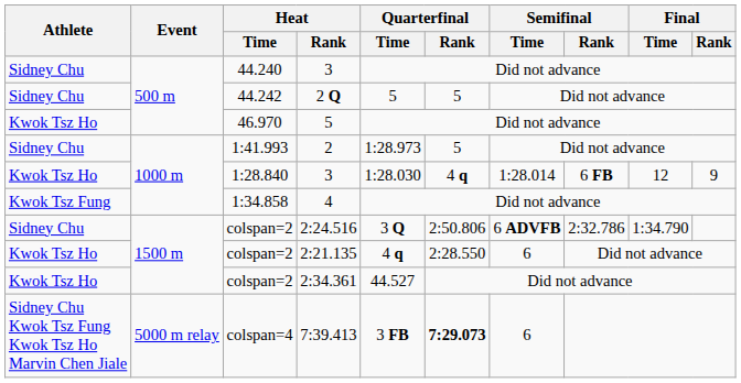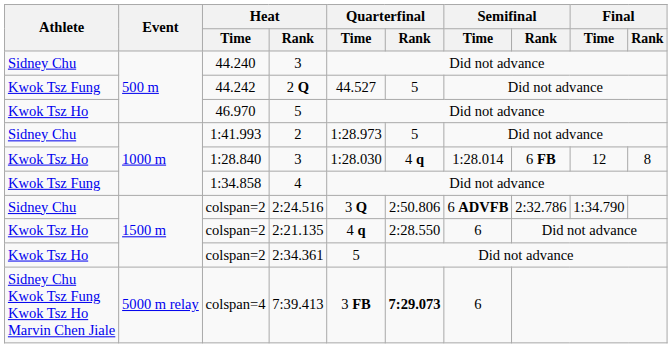 <table class="wikitable" style="font-size:90%">
 <tr>
 <th rowspan=2>Athlete</th>
 <th rowspan=2>Event</th>
 <th colspan=2>Heat</th>
 <th colspan=2>Quarterfinal</th>
 <th colspan=2>Semifinal</th>
 <th colspan=2>Final</th>
 </tr>
 <tr style="font-size:95%">
 <th>Time</th>
 <th>Rank</th>
 <th>Time</th>
 <th>Rank</th>
 <th>Time</th>
 <th>Rank</th>
 <th>Time</th>
 <th>Rank</th>
 </tr>
 <tr align=center>
 <td align=left><a href='#'>Sidney Chu</a></td>
 <td align=left rowspan=3><a href='#'>500 m</a></td>
 <td>44.240</td>
 <td>3</td>
 <td colspan=6>Did not advance</td>
 </tr>
 <tr align=center>
-<td align=left><a href='#'>Sidney Chu</a></td>
+<td align=left><a href='#'>Kwok Tsz Fung</a></td>
 <td>44.242</td>
 <td>2 <strong>Q</strong></td>
-<td>5</td>
+<td>44.527</td>
 <td>5</td>
 <td colspan=6>Did not advance</td>
 </tr>
 <tr align=center>
 <td align=left><a href='#'>Kwok Tsz Ho</a></td>
 <td>46.970</td>
 <td>5</td>
 <td colspan=6>Did not advance</td>
 </tr>
 <tr align=center>
 <td align=left><a href='#'>Sidney Chu</a></td>
 <td align=left rowspan=3><a href='#'>1000 m</a></td>
 <td>1:41.993</td>
 <td>2</td>
 <td>1:28.973</td>
 <td>5</td>
 <td colspan=6>Did not advance</td>
 </tr>
 <tr align=center>
 <td align=left><a href='#'>Kwok Tsz Ho</a></td>
 <td>1:28.840</td>
 <td>3</td>
 <td>1:28.030</td>
 <td>4 <strong>q</strong></td>
 <td>1:28.014</td>
 <td>6 <strong>FB</strong></td>
 <td>12</td>
-<td>9</td>
+<td>8</td>
 </tr>
 <tr align=center>
 <td align=left><a href='#'>Kwok Tsz Fung</a></td>
 <td>1:34.858</td>
 <td>4</td>
 <td colspan=6>Did not advance</td>
 </tr>
 <tr align=center>
 <td align=left><a href='#'>Sidney Chu</a></td>
 <td align=left rowspan=3><a href='#'>1500 m</a></td>
 <td>colspan=2 </td>
 <td>2:24.516</td>
 <td>3 <strong>Q</strong></td>
 <td>2:50.806</td>
 <td>6 <strong>ADVFB</strong></td>
 <td>2:32.786</td>
 <td>1:34.790</td>
 </tr>
 <tr align=center>
 <td align=left><a href='#'>Kwok Tsz Ho</a></td>
 <td>colspan=2 </td>
 <td>2:21.135</td>
 <td>4 <strong>q</strong></td>
 <td>2:28.550</td>
 <td>6</td>
 <td colspan=6>Did not advance</td>
 </tr>
 <tr align=center>
 <td align=left><a href='#'>Kwok Tsz Ho</a></td>
 <td>colspan=2 </td>
 <td>2:34.361</td>
-<td>44.527</td>
+<td>5</td>
 <td colspan=6>Did not advance</td>
 </tr>
 <tr align=center>
 <td align=left><a href='#'>Sidney Chu</a><br><a href='#'>Kwok Tsz Fung</a><br><a href='#'>Kwok Tsz Ho</a><br><a href='#'>Marvin Chen Jiale</a><br></td>
 <td align=left><a href='#'>5000 m relay</a></td>
 <td>colspan=4 </td>
 <td>7:39.413</td>
 <td>3 <strong>FB</strong></td>
 <td><strong>7:29.073</strong></td>
 <td>6</td>
 </tr>
 </table>
